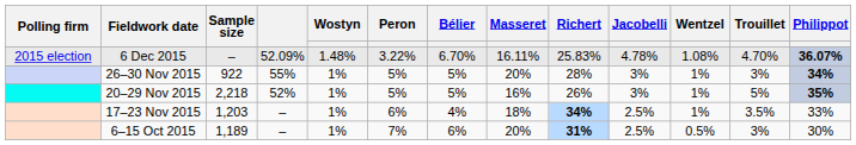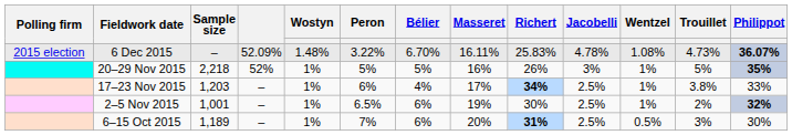 <table class="wikitable sortable" style="text-align:center;font-size:90%;line-height:14px;">
 <tr style="height:40px;">
 <th style="width:100px;" rowspan="2">Polling firm</th>
 <th style="width:110px;" rowspan="2">Fieldwork date</th>
 <th style="width:35px;" rowspan="2">Sample<br>size</th>
 <th style="width:30px;" rowspan="2"></th>
 <th class="unsortable" style="width:60px;">Wostyn<br></th>
 <th class="unsortable" style="width:60px;">Peron<br></th>
 <th class="unsortable" style="width:60px;"><a href='#'>Bélier</a><br></th>
 <th class="unsortable" style="width:60px;"><a href='#'>Masseret</a><br></th>
 <th class="unsortable" style="width:60px;"><a href='#'>Richert</a><br></th>
 <th class="unsortable" style="width:60px;"><a href='#'>Jacobelli</a><br></th>
 <th class="unsortable" style="width:60px;">Wentzel<br></th>
 <th class="unsortable" style="width:60px;">Trouillet<br></th>
 <th class="unsortable" style="width:60px;"><a href='#'>Philippot</a><br></th>
 </tr>
 <tr>
 <th style="background:"></th>
 <th style="background:"></th>
 <th style="background:"></th>
 <th style="background:"></th>
 <th style="background:"></th>
 <th style="background:"></th>
 <th style="background:"></th>
 <th style="background:"></th>
 <th style="background:"></th>
 </tr>
 <tr style="background:#E9E9E9;">
 <td><a href='#'>2015 election</a></td>
 <td data-sort-value="2015-12-06">6 Dec 2015</td>
 <td>–</td>
 <td>52.09%</td>
 <td>1.48%</td>
 <td>3.22%</td>
 <td>6.70%</td>
 <td>16.11%</td>
 <td>25.83%</td>
 <td>4.78%</td>
 <td>1.08%</td>
-<td>4.70%</td>
+<td>4.73%</td>
 <td style="background:#C1CCE1;"><strong>36.07%</strong></td>
-</tr>
-<tr>
-<td style="background:#CAD5F7;"></td>
-<td data-sort-value="2015-11-30">26–30 Nov 2015</td>
-<td>922</td>
-<td>55%</td>
-<td>1%</td>
-<td>5%</td>
-<td>5%</td>
-<td>20%</td>
-<td>28%</td>
-<td>3%</td>
-<td>1%</td>
-<td>3%</td>
-<td style="background:#C1CCE1;"><strong>34%</strong></td>
 </tr>
 <tr>
 <td style="background:#04FBF4;"></td>
 <td data-sort-value="2015-11-29">20–29 Nov 2015</td>
 <td>2,218</td>
 <td>52%</td>
 <td>1%</td>
 <td>5%</td>
 <td>5%</td>
 <td>16%</td>
 <td>26%</td>
 <td>3%</td>
 <td>1%</td>
 <td>5%</td>
 <td style="background:#C1CCE1;"><strong>35%</strong></td>
 </tr>
 <tr>
 <td style="background:#FFDFCC;"></td>
 <td data-sort-value="2015-11-23">17–23 Nov 2015</td>
 <td>1,203</td>
 <td>–</td>
 <td>1%</td>
 <td>6%</td>
 <td>4%</td>
-<td>18%</td>
+<td>17%</td>
 <td style="background:#B9DAFF;"><strong>34%</strong></td>
 <td>2.5%</td>
 <td>1%</td>
-<td>3.5%</td>
+<td>3.8%</td>
 <td>33%</td>
+</tr>
+<tr>
+<td style="background:#FFCCFF;"></td>
+<td data-sort-value="2015-11-05">2–5 Nov 2015</td>
+<td>1,001</td>
+<td>–</td>
+<td>1%</td>
+<td>6.5%</td>
+<td>6%</td>
+<td>19%</td>
+<td>30%</td>
+<td>2.5%</td>
+<td>1%</td>
+<td>2%</td>
+<td style="background:#C1CCE1;"><strong>32%</strong></td>
 </tr>
 <tr>
 <td style="background:#FFDFCC;"></td>
 <td data-sort-value="2015-10-15">6–15 Oct 2015</td>
 <td>1,189</td>
 <td>–</td>
 <td>1%</td>
 <td>7%</td>
 <td>6%</td>
 <td>20%</td>
 <td style="background:#B9DAFF;"><strong>31%</strong></td>
 <td>2.5%</td>
 <td>0.5%</td>
 <td>3%</td>
 <td>30%</td>
 </tr>
 </table>
